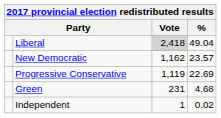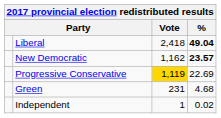 <table class="wikitable">
 <tr>
 <th colspan="4"><a href='#'>2017 provincial election</a> redistributed results</th>
 </tr>
 <tr>
 <th bgcolor="#DDDDFF" width="130px" colspan="2">Party</th>
 <th bgcolor="#DDDDFF" width="50px">Vote</th>
 <th bgcolor="#DDDDFF" width="30px">%</th>
 </tr>
 <tr>
 <td> </td>
 <td><a href='#'>Liberal</a></td>
-<td align=right style="background: lightgrey;">2,418</td>
-<td align=right>49.04</td>
+<td align=right>2,418</td>
+<td align=right><strong>49.04</strong></td>
 </tr>
 <tr>
 <td> </td>
 <td><a href='#'>New Democratic</a></td>
 <td align=right>1,162</td>
-<td align=right>23.57</td>
+<td align=right><strong>23.57</strong></td>
 </tr>
 <tr>
 <td> </td>
 <td><a href='#'>Progressive Conservative</a></td>
-<td align=right>1,119</td>
+<td align=right style="background: gold;">1,119</td>
 <td align=right>22.69</td>
 </tr>
 <tr>
 <td> </td>
 <td><a href='#'>Green</a></td>
 <td align=right>231</td>
 <td align=right>4.68</td>
 </tr>
 <tr>
 <td> </td>
 <td>Independent</td>
 <td align=right>1</td>
 <td align=right>0.02</td>
 </tr>
 </table>
